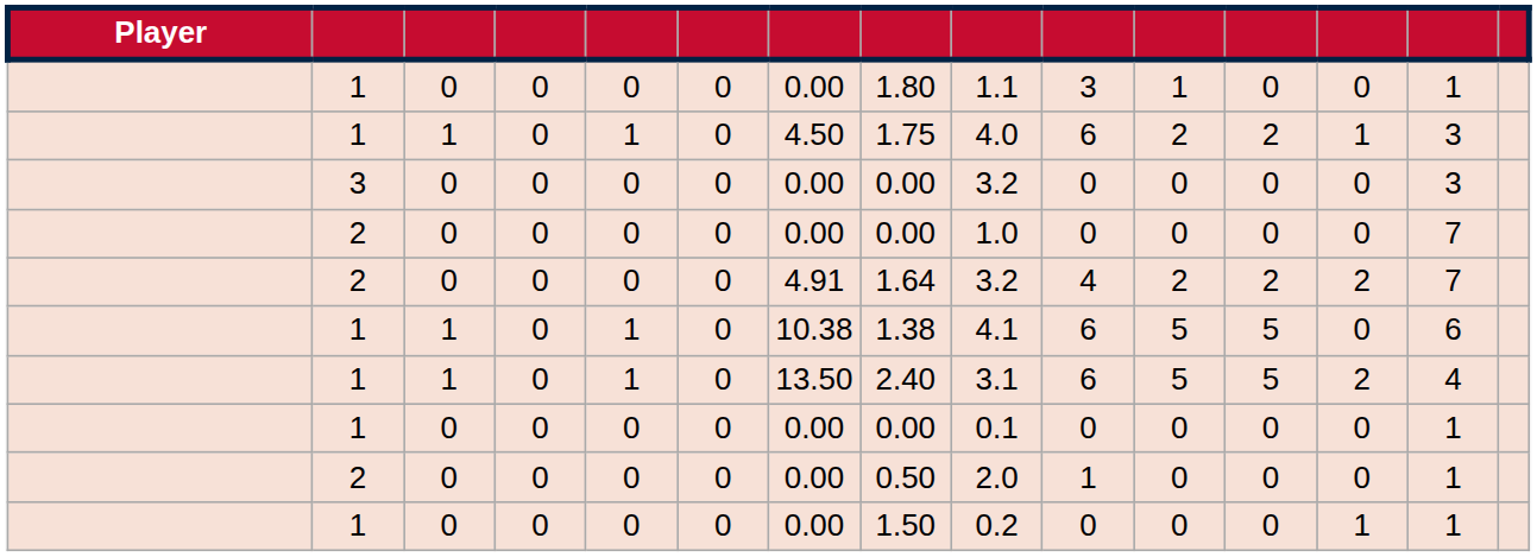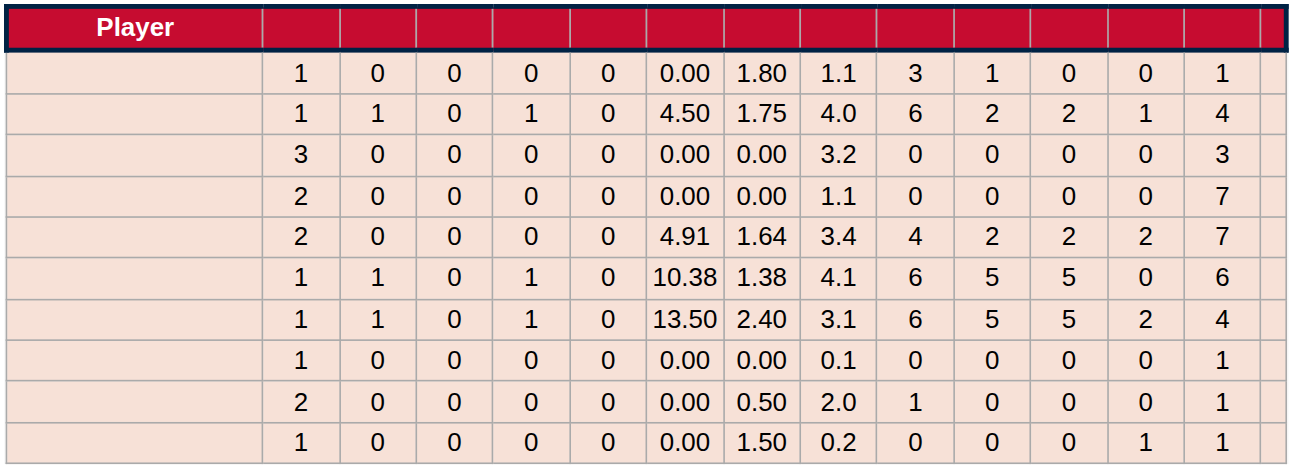 <table class="wikitable sortable">
 <tr>
 <th style="background:#c60c30; width:20%; color:#fff; border-top: 3px solid #024; border-bottom: 3px solid #024; border-left: 3px solid #024;">Player</th>
 <th style="background:#c60c30; width:6%; color:#fff; border-top: 3px solid #024; border-bottom: 3px solid #024;"></th>
 <th style="background:#c60c30; width:6%; color:#fff; border-top: 3px solid #024; border-bottom: 3px solid #024;"></th>
 <th style="background:#c60c30; width:6%; color:#fff; border-top: 3px solid #024; border-bottom: 3px solid #024;"></th>
 <th style="background:#c60c30; width:6%; color:#fff; border-top: 3px solid #024; border-bottom: 3px solid #024;"></th>
 <th style="background:#c60c30; width:6%; color:#fff; border-top: 3px solid #024; border-bottom: 3px solid #024;"></th>
 <th style="background:#c60c30; width:6%; color:#fff; border-top: 3px solid #024; border-bottom: 3px solid #024;"></th>
 <th style="background:#c60c30; width:6%; color:#fff; border-top: 3px solid #024; border-bottom: 3px solid #024;"></th>
 <th style="background:#c60c30; width:6%; color:#fff; border-top: 3px solid #024; border-bottom: 3px solid #024;"></th>
 <th style="background:#c60c30; width:6%; color:#fff; border-top: 3px solid #024; border-bottom: 3px solid #024;"></th>
 <th style="background:#c60c30; width:6%; color:#fff; border-top: 3px solid #024; border-bottom: 3px solid #024;"></th>
 <th style="background:#c60c30; width:6%; color:#fff; border-top: 3px solid #024; border-bottom: 3px solid #024;"></th>
 <th style="background:#c60c30; width:6%; color:#fff; border-top: 3px solid #024; border-bottom: 3px solid #024;"></th>
 <th style="background:#c60c30; width:6%; color:#fff; border-top: 3px solid #024; border-bottom: 3px solid #024;"></th>
 <th style="background:#c60c30; width:6%; color:#fff; border-top: 3px solid #024; border-bottom: 3px solid #024; border-right: 3px solid #024;"></th>
 </tr>
 <tr style="text-align:center; background:#f7e1d7;">
 <td></td>
 <td>1</td>
 <td>0</td>
 <td>0</td>
 <td>0</td>
 <td>0</td>
 <td>0.00</td>
 <td>1.80</td>
 <td>1.1</td>
 <td>3</td>
 <td>1</td>
 <td>0</td>
 <td>0</td>
 <td>1</td>
 <td></td>
 </tr>
 <tr style="text-align:center; background:#f7e1d7;">
 <td></td>
 <td>1</td>
 <td>1</td>
 <td>0</td>
 <td>1</td>
 <td>0</td>
 <td>4.50</td>
 <td>1.75</td>
 <td>4.0</td>
 <td>6</td>
 <td>2</td>
 <td>2</td>
 <td>1</td>
-<td>3</td>
+<td>4</td>
 <td></td>
 </tr>
 <tr style="text-align:center; background:#f7e1d7;">
 <td></td>
 <td>3</td>
 <td>0</td>
 <td>0</td>
 <td>0</td>
 <td>0</td>
 <td>0.00</td>
 <td>0.00</td>
 <td>3.2</td>
 <td>0</td>
 <td>0</td>
 <td>0</td>
 <td>0</td>
 <td>3</td>
 <td></td>
 </tr>
 <tr style="text-align:center; background:#f7e1d7;">
 <td></td>
 <td>2</td>
 <td>0</td>
 <td>0</td>
 <td>0</td>
 <td>0</td>
 <td>0.00</td>
 <td>0.00</td>
-<td>1.0</td>
+<td>1.1</td>
 <td>0</td>
 <td>0</td>
 <td>0</td>
 <td>0</td>
 <td>7</td>
 <td></td>
 </tr>
 <tr style="text-align:center; background:#f7e1d7;">
 <td></td>
 <td>2</td>
 <td>0</td>
 <td>0</td>
 <td>0</td>
 <td>0</td>
 <td>4.91</td>
 <td>1.64</td>
-<td>3.2</td>
+<td>3.4</td>
 <td>4</td>
 <td>2</td>
 <td>2</td>
 <td>2</td>
 <td>7</td>
 <td></td>
 </tr>
 <tr style="text-align:center; background:#f7e1d7;">
 <td></td>
 <td>1</td>
 <td>1</td>
 <td>0</td>
 <td>1</td>
 <td>0</td>
 <td>10.38</td>
 <td>1.38</td>
 <td>4.1</td>
 <td>6</td>
 <td>5</td>
 <td>5</td>
 <td>0</td>
 <td>6</td>
 <td></td>
 </tr>
 <tr style="text-align:center; background:#f7e1d7;">
 <td></td>
 <td>1</td>
 <td>1</td>
 <td>0</td>
 <td>1</td>
 <td>0</td>
 <td>13.50</td>
 <td>2.40</td>
 <td>3.1</td>
 <td>6</td>
 <td>5</td>
 <td>5</td>
 <td>2</td>
 <td>4</td>
 <td></td>
 </tr>
 <tr style="text-align:center; background:#f7e1d7;">
 <td></td>
 <td>1</td>
 <td>0</td>
 <td>0</td>
 <td>0</td>
 <td>0</td>
 <td>0.00</td>
 <td>0.00</td>
 <td>0.1</td>
 <td>0</td>
 <td>0</td>
 <td>0</td>
 <td>0</td>
 <td>1</td>
 <td></td>
 </tr>
 <tr style="text-align:center; background:#f7e1d7;">
 <td></td>
 <td>2</td>
 <td>0</td>
 <td>0</td>
 <td>0</td>
 <td>0</td>
 <td>0.00</td>
 <td>0.50</td>
 <td>2.0</td>
 <td>1</td>
 <td>0</td>
 <td>0</td>
 <td>0</td>
 <td>1</td>
 <td></td>
 </tr>
 <tr style="text-align:center; background:#f7e1d7;">
 <td></td>
 <td>1</td>
 <td>0</td>
 <td>0</td>
 <td>0</td>
 <td>0</td>
 <td>0.00</td>
 <td>1.50</td>
 <td>0.2</td>
 <td>0</td>
 <td>0</td>
 <td>0</td>
 <td>1</td>
 <td>1</td>
 <td></td>
 </tr>
 </table>
